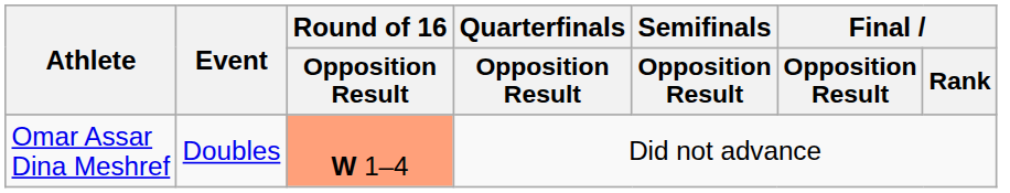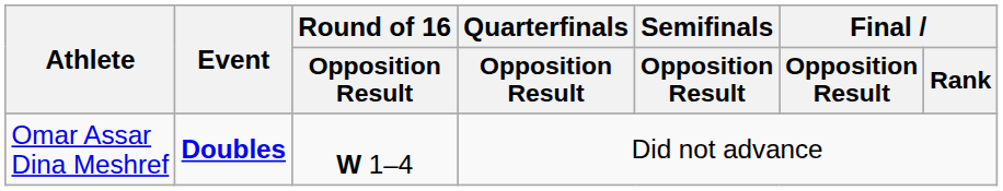 <table class="wikitable" style="font-size:90%;">
 <tr>
 <th rowspan=2>Athlete</th>
 <th rowspan=2>Event</th>
 <th>Round of 16</th>
 <th>Quarterfinals</th>
 <th>Semifinals</th>
 <th colspan=2>Final / </th>
 </tr>
 <tr style="font-size:95%">
 <th>Opposition<br>Result</th>
 <th>Opposition<br>Result</th>
 <th>Opposition<br>Result</th>
 <th>Opposition<br>Result</th>
 <th>Rank</th>
 </tr>
 <tr align=center>
 <td align=left><a href='#'>Omar Assar</a><br><a href='#'>Dina Meshref</a></td>
-<td align=left><a href='#'>Doubles</a></td>
-<td style="background: lightsalmon;"><br><strong>W</strong> 1–4</td>
+<td align=left><strong><a href='#'>Doubles</a></strong></td>
+<td><br><strong>W</strong> 1–4</td>
 <td colspan=4>Did not advance</td>
 </tr>
 </table>
